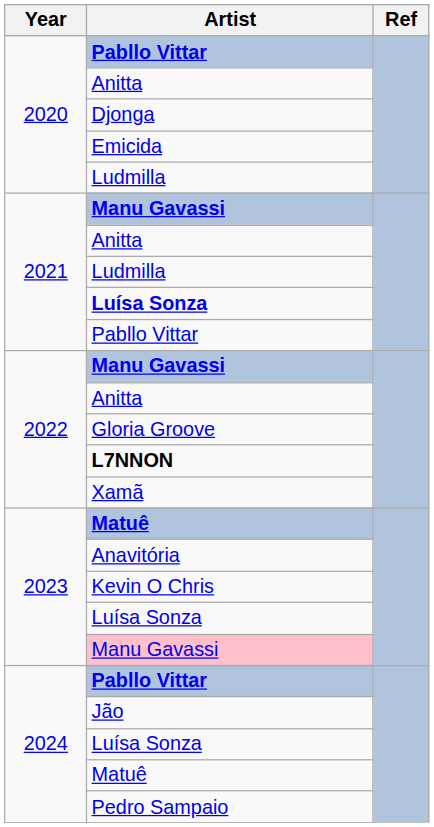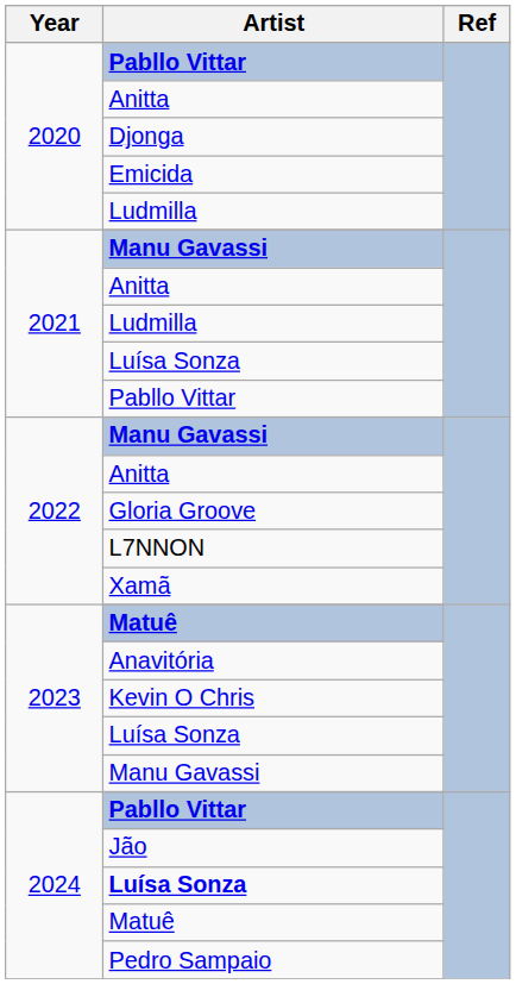 <table class="wikitable" style="width:55%;">
 <tr style="background:#bebebe;">
 <th style="width:10%;">Year</th>
 <th style="width:40%;">Artist</th>
 <th style="width:5%;">Ref</th>
 </tr>
 <tr>
 <td rowspan="6" align="center"><a href='#'>2020</a></td>
 </tr>
 <tr style="background:#B0C4DE">
 <td><strong><a href='#'>Pabllo Vittar</a></strong></td>
 <td rowspan="6" align="center"></td>
 </tr>
 <tr>
 <td><a href='#'>Anitta</a></td>
 </tr>
 <tr>
 <td><a href='#'>Djonga</a></td>
 </tr>
 <tr>
 <td><a href='#'>Emicida</a></td>
 </tr>
 <tr>
 <td><a href='#'>Ludmilla</a></td>
 </tr>
 <tr>
 <td rowspan="6" align="center"><a href='#'>2021</a></td>
 </tr>
 <tr style="background:#B0C4DE">
 <td><strong><a href='#'>Manu Gavassi</a></strong></td>
 <td rowspan="6" align="center"></td>
 </tr>
 <tr>
 <td><a href='#'>Anitta</a></td>
 </tr>
 <tr>
 <td><a href='#'>Ludmilla</a></td>
 </tr>
 <tr>
-<td><strong><a href='#'>Luísa Sonza</a></strong></td>
+<td><a href='#'>Luísa Sonza</a></td>
 </tr>
 <tr>
 <td><a href='#'>Pabllo Vittar</a></td>
 </tr>
 <tr>
 <td rowspan="6" align="center"><a href='#'>2022</a></td>
 </tr>
 <tr style="background:#B0C4DE">
 <td><strong><a href='#'>Manu Gavassi</a></strong></td>
 <td rowspan="6" align="center"></td>
 </tr>
 <tr>
 <td><a href='#'>Anitta</a></td>
 </tr>
 <tr>
 <td><a href='#'>Gloria Groove</a></td>
 </tr>
 <tr>
-<td><strong>L7NNON</strong></td>
+<td>L7NNON</td>
 </tr>
 <tr>
 <td><a href='#'>Xamã</a></td>
 </tr>
 <tr>
 <td rowspan="6" align="center"><a href='#'>2023</a></td>
 </tr>
 <tr style="background:#B0C4DE">
 <td><strong><a href='#'>Matuê</a></strong></td>
 <td rowspan="6" align="center"></td>
 </tr>
 <tr>
 <td><a href='#'>Anavitória</a></td>
 </tr>
 <tr>
 <td><a href='#'>Kevin O Chris</a></td>
 </tr>
 <tr>
 <td><a href='#'>Luísa Sonza</a></td>
 </tr>
 <tr>
-<td style="background: pink;"><a href='#'>Manu Gavassi</a></td>
+<td><a href='#'>Manu Gavassi</a></td>
 </tr>
 <tr>
 <td rowspan="6" align="center"><a href='#'>2024</a></td>
 </tr>
 <tr style="background:#B0C4DE">
 <td><strong><a href='#'>Pabllo Vittar</a></strong></td>
 <td rowspan="6" align="center"></td>
 </tr>
 <tr>
 <td><a href='#'>Jão</a></td>
 </tr>
 <tr>
-<td><a href='#'>Luísa Sonza</a></td>
+<td><strong><a href='#'>Luísa Sonza</a></strong></td>
 </tr>
 <tr>
 <td><a href='#'>Matuê</a></td>
 </tr>
 <tr>
 <td><a href='#'>Pedro Sampaio</a></td>
 </tr>
 <tr>
 </tr>
 </table>
